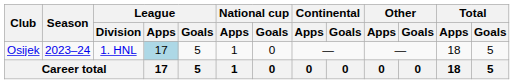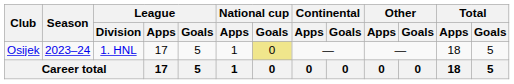 <table class="wikitable" style="text-align:center">
 <tr>
 <th rowspan="2">Club</th>
 <th rowspan="2">Season</th>
 <th colspan="3">League</th>
 <th colspan="2">National cup</th>
 <th colspan="2">Continental</th>
 <th colspan="2">Other</th>
 <th colspan="2">Total</th>
 </tr>
 <tr>
 <th>Division</th>
 <th>Apps</th>
 <th>Goals</th>
 <th>Apps</th>
 <th>Goals</th>
 <th>Apps</th>
 <th>Goals</th>
 <th>Apps</th>
 <th>Goals</th>
 <th>Apps</th>
 <th>Goals</th>
 </tr>
 <tr>
 <td><a href='#'>Osijek</a></td>
 <td><a href='#'>2023–24</a></td>
 <td><a href='#'>1. HNL</a></td>
-<td style="background: lightblue;">17</td>
+<td>17</td>
 <td>5</td>
 <td>1</td>
-<td>0</td>
+<td style="background: khaki;">0</td>
 <td colspan="2">—</td>
 <td colspan="2">—</td>
 <td>18</td>
 <td>5</td>
 </tr>
 <tr>
 <th colspan="3">Career total</th>
 <th>17</th>
 <th>5</th>
 <th>1</th>
 <th>0</th>
 <th>0</th>
 <th>0</th>
 <th>0</th>
 <th>0</th>
 <th>18</th>
 <th>5</th>
 </tr>
 </table>
